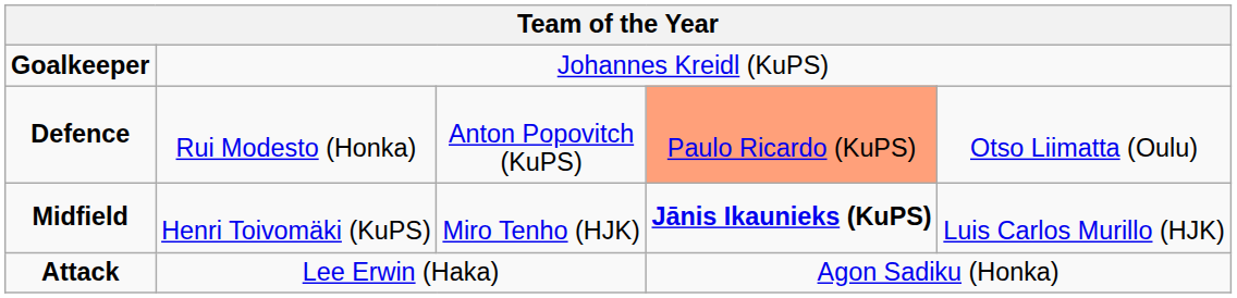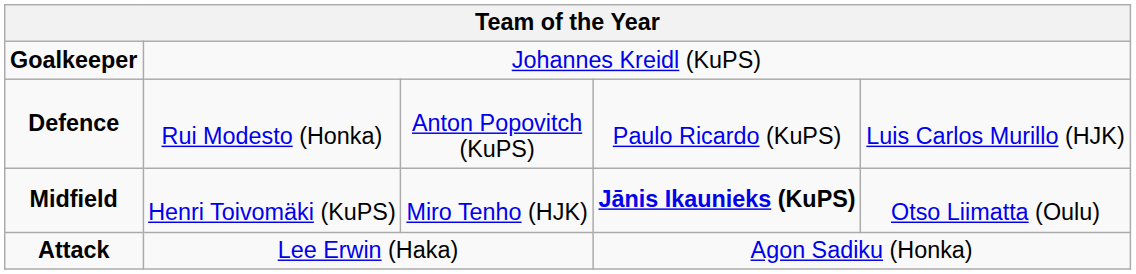 <table class="wikitable" style="text-align:center">
 <tr>
 <th colspan="13">Team of the Year</th>
 </tr>
 <tr>
 <td><strong>Goalkeeper</strong></td>
 <td colspan="4"> <a href='#'>Johannes Kreidl</a> (KuPS)</td>
 </tr>
 <tr>
 <td><strong>Defence</strong></td>
 <td><br><a href='#'>Rui Modesto</a> (Honka)</td>
 <td lowspan="1"><br> <a href='#'>Anton Popovitch</a><br>(KuPS)</td>
-<td style="background: lightsalmon;"><br><a href='#'>Paulo Ricardo</a> (KuPS)</td>
-<td lowspan="1"><br><a href='#'>Otso Liimatta</a> (Oulu)</td>
+<td><br><a href='#'>Paulo Ricardo</a> (KuPS)</td>
+<td><br><a href='#'>Luis Carlos Murillo</a> (HJK)</td>
 </tr>
 <tr>
 <td><strong>Midfield</strong></td>
 <td lowspan="1"><br><a href='#'>Henri Toivomäki</a> (KuPS)</td>
 <td lowspan="1"><br><a href='#'>Miro Tenho</a> (HJK)</td>
 <td lowspan="1"><strong> <a href='#'>Jānis Ikaunieks</a> (KuPS)</strong></td>
-<td><br><a href='#'>Luis Carlos Murillo</a> (HJK)</td>
+<td lowspan="1"><br><a href='#'>Otso Liimatta</a> (Oulu)</td>
 </tr>
 <tr>
 <td><strong>Attack</strong></td>
 <td colspan="2.5"> <a href='#'>Lee Erwin</a> (Haka)</td>
 <td colspan="2.5"> <a href='#'>Agon Sadiku</a> (Honka)</td>
 </tr>
 </table>
